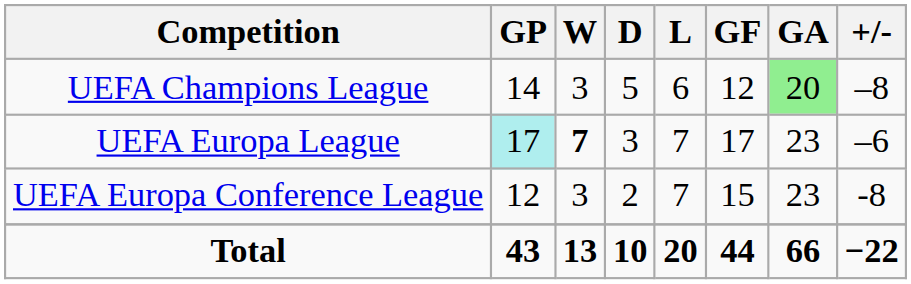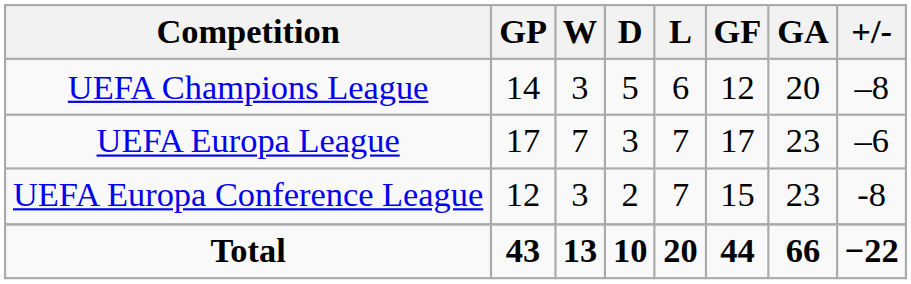 <table class="wikitable" style="text-align:center">
 <tr>
 <th>Competition</th>
 <th>GP</th>
 <th>W</th>
 <th>D</th>
 <th>L</th>
 <th>GF</th>
 <th>GA</th>
 <th>+/-</th>
 </tr>
 <tr>
 <td><a href='#'>UEFA Champions League</a></td>
 <td>14</td>
 <td>3</td>
 <td>5</td>
 <td>6</td>
 <td>12</td>
-<td style="background: lightgreen;">20</td>
+<td>20</td>
 <td>–8</td>
 </tr>
 <tr>
 <td><a href='#'>UEFA Europa League</a></td>
-<td style="background: paleturquoise;">17</td>
-<td><strong>7</strong></td>
+<td>17</td>
+<td>7</td>
 <td>3</td>
 <td>7</td>
 <td>17</td>
 <td>23</td>
 <td>–6</td>
 </tr>
 <tr>
 <td><a href='#'>UEFA Europa Conference League</a></td>
 <td>12</td>
 <td>3</td>
 <td>2</td>
 <td>7</td>
 <td>15</td>
 <td>23</td>
 <td>-8</td>
 </tr>
 <tr>
 </tr>
 <tr class="unsortable">
 <td><strong>Total</strong></td>
 <td><strong>43</strong></td>
 <td><strong>13</strong></td>
 <td><strong>10</strong></td>
 <td><strong>20</strong></td>
 <td><strong>44</strong></td>
 <td><strong>66</strong></td>
 <td><strong>−22</strong></td>
 </tr>
 </table>
